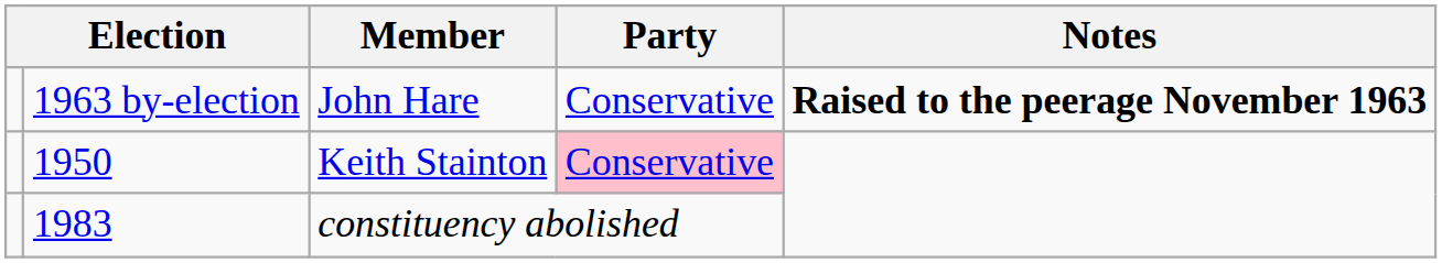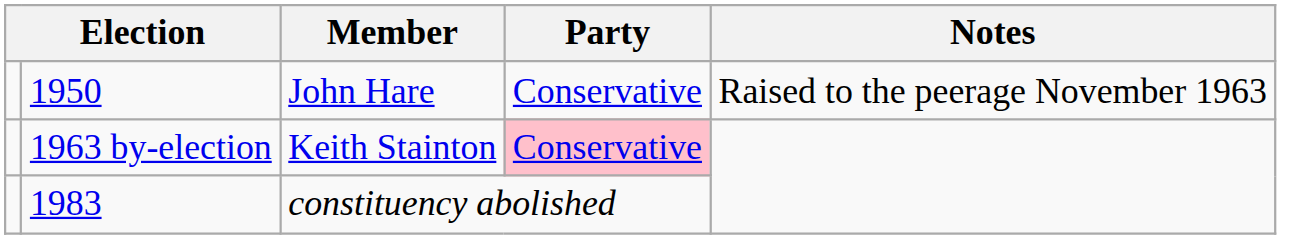 <table class="wikitable">
 <tr>
 <th colspan="2">Election</th>
 <th>Member</th>
 <th>Party</th>
 <th>Notes</th>
 </tr>
 <tr>
 <td style="color:inherit;background-color: "></td>
-<td><a href='#'>1963 by-election</a></td>
+<td><a href='#'>1950</a></td>
 <td><a href='#'>John Hare</a></td>
 <td><a href='#'>Conservative</a></td>
-<td><strong>Raised to the peerage November 1963</strong></td>
+<td>Raised to the peerage November 1963</td>
 </tr>
 <tr>
 <td style="color:inherit;background-color: "></td>
-<td><a href='#'>1950</a></td>
+<td><a href='#'>1963 by-election</a></td>
 <td><a href='#'>Keith Stainton</a></td>
 <td style="background: pink;"><a href='#'>Conservative</a></td>
 </tr>
 <tr>
 <td></td>
 <td><a href='#'>1983</a></td>
 <td colspan="2"><em>constituency abolished</em></td>
 </tr>
 </table>
